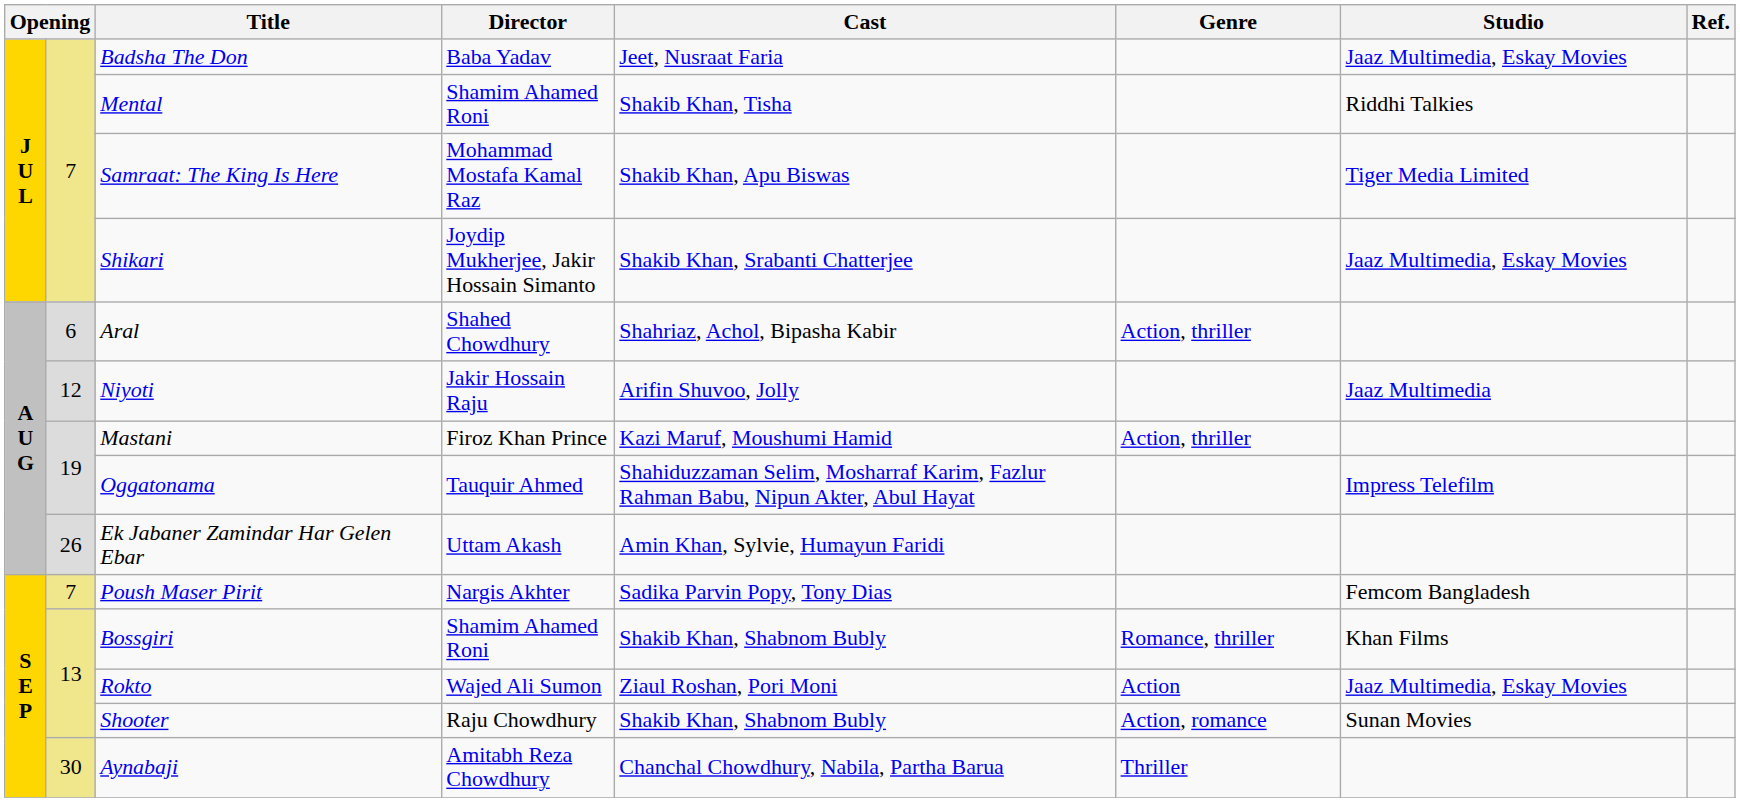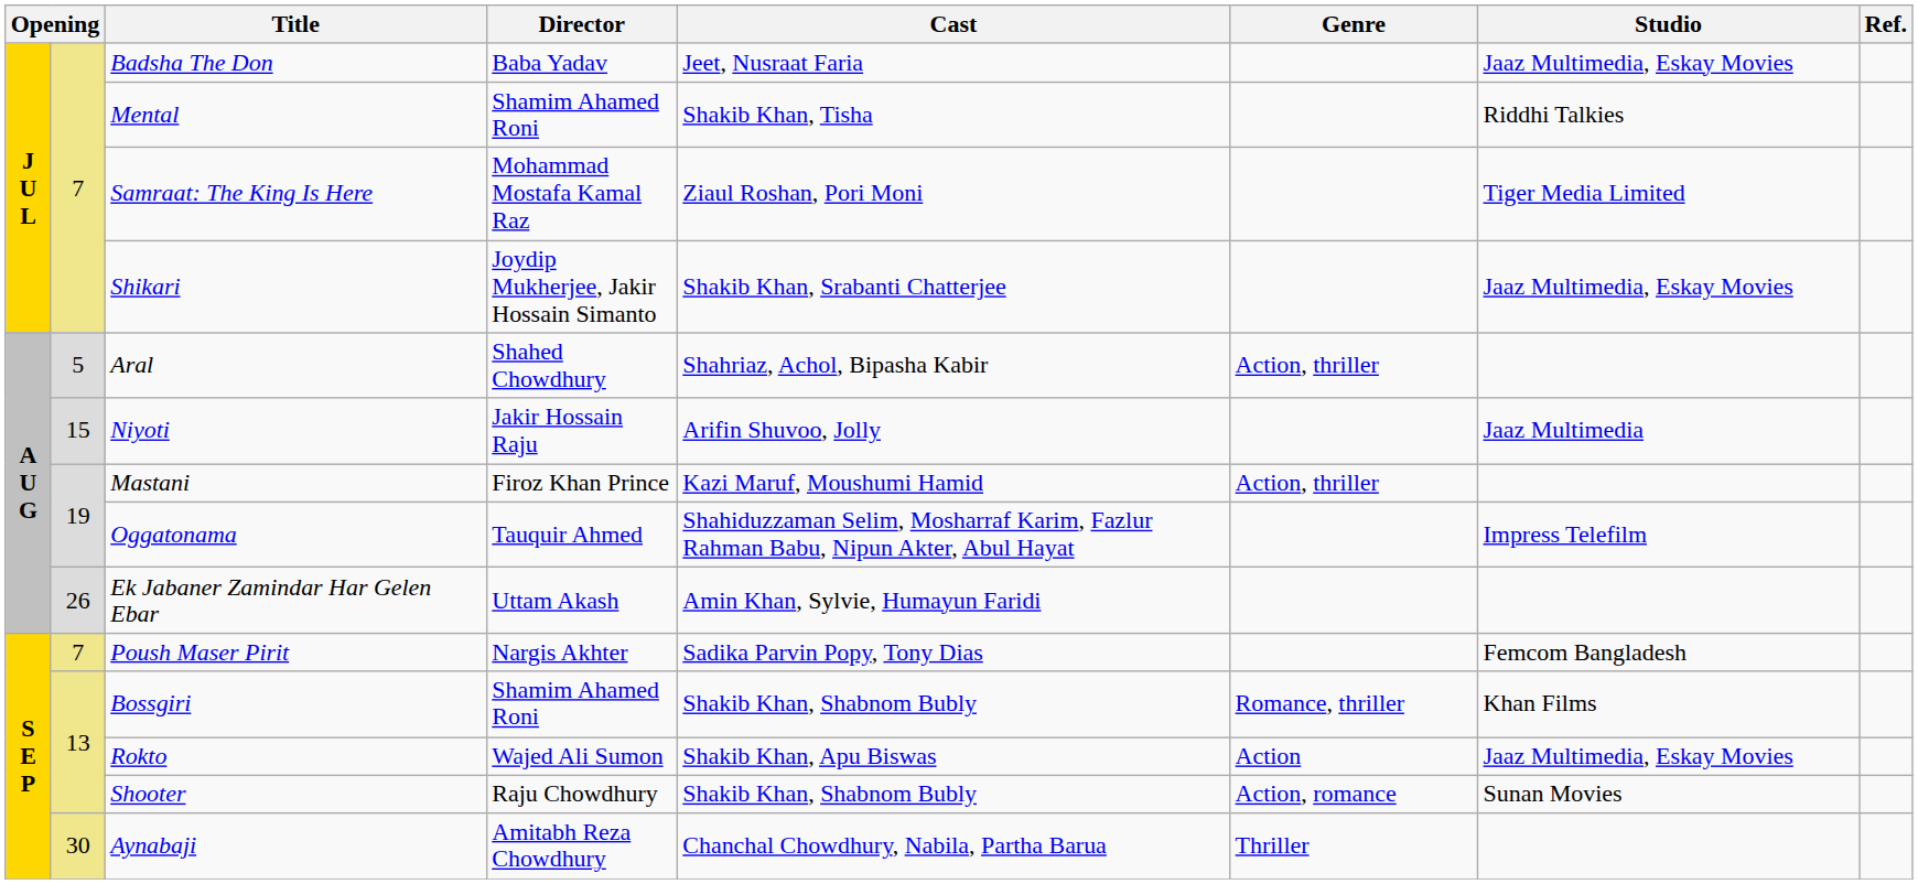 <table class="wikitable sortable" style="width:100%;">
 <tr>
 <th colspan="2">Opening</th>
 <th style="width:20%;">Title</th>
 <th style="width:10%;">Director</th>
 <th>Cast</th>
 <th style="width:13%">Genre</th>
 <th style="width:20%">Studio</th>
 <th>Ref.</th>
 </tr>
 <tr>
 <td rowspan=4 style="text-align:center; background:#FFD700; textcolor:#000;"><strong>J<br>U<br>L</strong></td>
 <td rowspan=4 style="text-align:center; background:#F0E68C; textcolor:#000;">7</td>
 <td><em><a href='#'>Badsha The Don</a></em></td>
 <td><a href='#'>Baba Yadav</a></td>
 <td><a href='#'>Jeet</a>, <a href='#'>Nusraat Faria</a></td>
 <td></td>
 <td><a href='#'>Jaaz Multimedia</a>, <a href='#'>Eskay Movies</a></td>
 <td></td>
 </tr>
 <tr>
 <td><em><a href='#'>Mental</a></em></td>
 <td><a href='#'>Shamim Ahamed Roni</a></td>
 <td><a href='#'>Shakib Khan</a>, <a href='#'>Tisha</a></td>
 <td></td>
 <td>Riddhi Talkies</td>
 <td></td>
 </tr>
 <tr>
 <td><em><a href='#'>Samraat: The King Is Here</a></em></td>
 <td><a href='#'>Mohammad Mostafa Kamal Raz</a></td>
-<td><a href='#'>Shakib Khan</a>, <a href='#'>Apu Biswas</a></td>
+<td><a href='#'>Ziaul Roshan</a>, <a href='#'>Pori Moni</a></td>
 <td></td>
 <td><a href='#'>Tiger Media Limited</a></td>
 <td></td>
 </tr>
 <tr>
 <td><em><a href='#'>Shikari</a></em></td>
 <td><a href='#'>Joydip Mukherjee</a>, Jakir Hossain Simanto</td>
 <td><a href='#'>Shakib Khan</a>, <a href='#'>Srabanti Chatterjee</a></td>
 <td></td>
 <td><a href='#'>Jaaz Multimedia</a>, <a href='#'>Eskay Movies</a></td>
 <td></td>
 </tr>
 <tr>
 <td rowspan=5 style="text-align:center; background:#C0C0C0; textcolor:#000;"><strong>A<br>U<br>G</strong></td>
-<td style="text-align:center; background:#DCDCDC; textcolor:#000;">6</td>
+<td style="text-align:center; background:#DCDCDC; textcolor:#000;">5</td>
 <td><em>Aral</em></td>
 <td><a href='#'>Shahed Chowdhury</a></td>
 <td><a href='#'>Shahriaz</a>, <a href='#'>Achol</a>, Bipasha Kabir</td>
 <td><a href='#'>Action</a>, <a href='#'>thriller</a></td>
 <td></td>
 <td></td>
 </tr>
 <tr>
-<td style="text-align:center; background:#DCDCDC; textcolor:#000;">12</td>
+<td style="text-align:center; background:#DCDCDC; textcolor:#000;">15</td>
 <td><em><a href='#'>Niyoti</a></em></td>
 <td><a href='#'>Jakir Hossain Raju</a></td>
 <td><a href='#'>Arifin Shuvoo</a>, <a href='#'>Jolly</a></td>
 <td></td>
 <td><a href='#'>Jaaz Multimedia</a></td>
 <td></td>
 </tr>
 <tr>
 <td rowspan=2 style="text-align:center; background:#DCDCDC; textcolor:#000;">19</td>
 <td><em>Mastani</em></td>
 <td>Firoz Khan Prince</td>
 <td><a href='#'>Kazi Maruf</a>, <a href='#'>Moushumi Hamid</a></td>
 <td><a href='#'>Action</a>, <a href='#'>thriller</a></td>
 <td></td>
 <td></td>
 </tr>
 <tr>
 <td><em><a href='#'>Oggatonama</a></em></td>
 <td><a href='#'>Tauquir Ahmed</a></td>
 <td><a href='#'>Shahiduzzaman Selim</a>, <a href='#'>Mosharraf Karim</a>, <a href='#'>Fazlur Rahman Babu</a>, <a href='#'>Nipun Akter</a>, <a href='#'>Abul Hayat</a></td>
 <td></td>
 <td><a href='#'>Impress Telefilm</a></td>
 <td></td>
 </tr>
 <tr>
 <td style="text-align:center; background:#DCDCDC; textcolor:#000;">26</td>
 <td><em>Ek Jabaner Zamindar Har Gelen Ebar</em></td>
 <td><a href='#'>Uttam Akash</a></td>
 <td><a href='#'>Amin Khan</a>, Sylvie, <a href='#'>Humayun Faridi</a></td>
 <td></td>
 <td></td>
 <td></td>
 </tr>
 <tr>
 <td rowspan=6 style="text-align:center; background:#FFD700; textcolor:#000;"><strong>S<br>E<br>P</strong></td>
 <td style="text-align:center; background:#F0E68C; textcolor:#000;">7</td>
 <td><em><a href='#'>Poush Maser Pirit</a></em></td>
 <td><a href='#'>Nargis Akhter</a></td>
 <td><a href='#'>Sadika Parvin Popy</a>, <a href='#'>Tony Dias</a></td>
 <td></td>
 <td>Femcom Bangladesh</td>
 <td></td>
 </tr>
 <tr>
 <td rowspan=3 style="text-align:center; background:#F0E68C; textcolor:#000;">13</td>
 <td><em><a href='#'>Bossgiri</a></em></td>
 <td><a href='#'>Shamim Ahamed Roni</a></td>
 <td><a href='#'>Shakib Khan</a>, <a href='#'>Shabnom Bubly</a></td>
 <td><a href='#'>Romance</a>, <a href='#'>thriller</a></td>
 <td>Khan Films</td>
 <td></td>
 </tr>
 <tr>
 <td><em><a href='#'>Rokto</a></em></td>
 <td><a href='#'>Wajed Ali Sumon</a></td>
-<td><a href='#'>Ziaul Roshan</a>, <a href='#'>Pori Moni</a></td>
+<td><a href='#'>Shakib Khan</a>, <a href='#'>Apu Biswas</a></td>
 <td><a href='#'>Action</a></td>
 <td><a href='#'>Jaaz Multimedia</a>, <a href='#'>Eskay Movies</a></td>
 <td></td>
 </tr>
 <tr>
 <td><em><a href='#'>Shooter</a></em></td>
 <td>Raju Chowdhury</td>
 <td><a href='#'>Shakib Khan</a>, <a href='#'>Shabnom Bubly</a></td>
 <td><a href='#'>Action</a>, <a href='#'>romance</a></td>
 <td>Sunan Movies</td>
 <td></td>
 </tr>
 <tr>
 <td rowspan=2 style="text-align:center; background:#F0E68C; textcolor:#000;">30</td>
 <td><em><a href='#'>Aynabaji</a></em></td>
 <td><a href='#'>Amitabh Reza Chowdhury</a></td>
 <td><a href='#'>Chanchal Chowdhury</a>, <a href='#'>Nabila</a>, <a href='#'>Partha Barua</a></td>
 <td><a href='#'>Thriller</a></td>
 <td></td>
 <td></td>
 </tr>
 </table>
